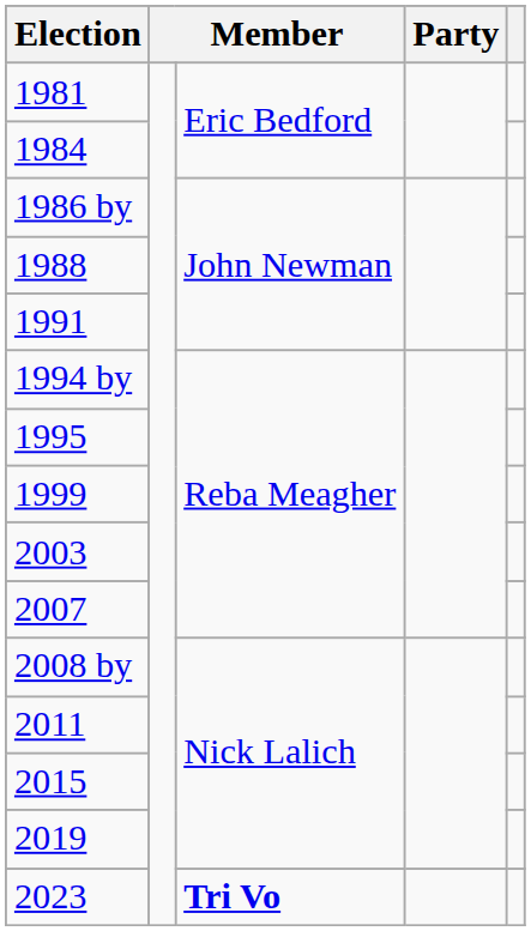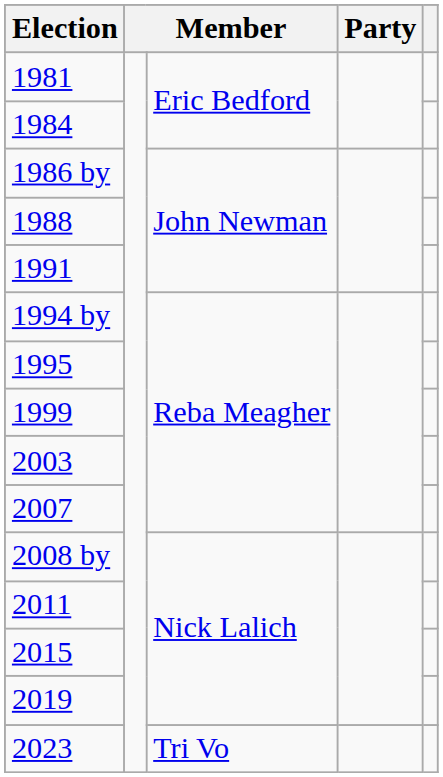 <table class="wikitable">
 <tr>
 <th>Election</th>
 <th colspan="2">Member</th>
 <th>Party</th>
 <th></th>
 </tr>
 <tr>
 <td><a href='#'>1981</a></td>
 <td rowspan="15" > </td>
 <td rowspan="2"><a href='#'>Eric Bedford</a></td>
 <td rowspan="2"></td>
 <td></td>
 </tr>
 <tr>
 <td><a href='#'>1984</a></td>
 <td></td>
 </tr>
 <tr>
 <td><a href='#'>1986 by</a></td>
 <td rowspan="3"><a href='#'>John Newman</a></td>
 <td rowspan="3"></td>
 <td></td>
 </tr>
 <tr>
 <td><a href='#'>1988</a></td>
 <td></td>
 </tr>
 <tr>
 <td><a href='#'>1991</a></td>
 <td></td>
 </tr>
 <tr>
 <td><a href='#'>1994 by</a></td>
 <td rowspan="5"><a href='#'>Reba Meagher</a></td>
 <td rowspan="5"></td>
 <td></td>
 </tr>
 <tr>
 <td><a href='#'>1995</a></td>
 <td></td>
 </tr>
 <tr>
 <td><a href='#'>1999</a></td>
 <td></td>
 </tr>
 <tr>
 <td><a href='#'>2003</a></td>
 <td></td>
 </tr>
 <tr>
 <td><a href='#'>2007</a></td>
 <td></td>
 </tr>
 <tr>
 <td><a href='#'>2008 by</a></td>
 <td rowspan="4"><a href='#'>Nick Lalich</a></td>
 <td rowspan="4"></td>
 <td></td>
 </tr>
 <tr>
 <td><a href='#'>2011</a></td>
 <td></td>
 </tr>
 <tr>
 <td><a href='#'>2015</a></td>
 <td></td>
 </tr>
 <tr>
 <td><a href='#'>2019</a></td>
 <td></td>
 </tr>
 <tr>
 <td><a href='#'>2023</a></td>
-<td rowspan="1"><strong><a href='#'>Tri Vo</a></strong></td>
+<td rowspan="1"><a href='#'>Tri Vo</a></td>
 <td rowspan="1"></td>
 <td></td>
 </tr>
 </table>
